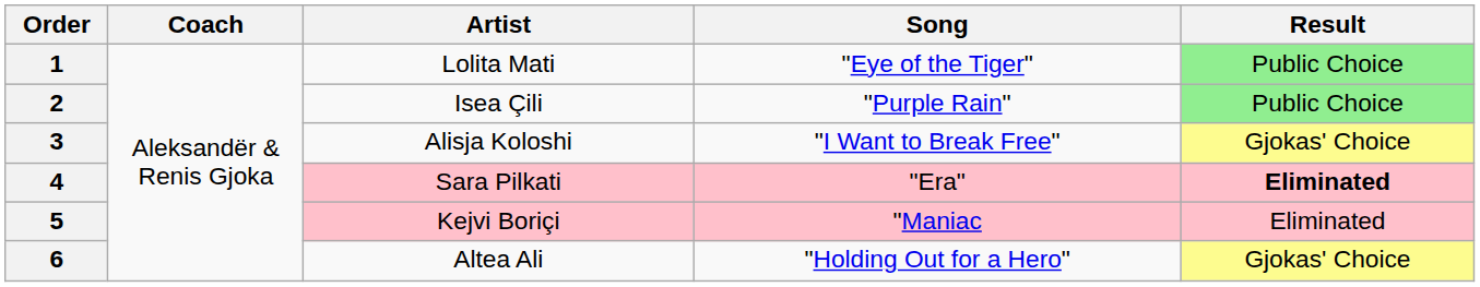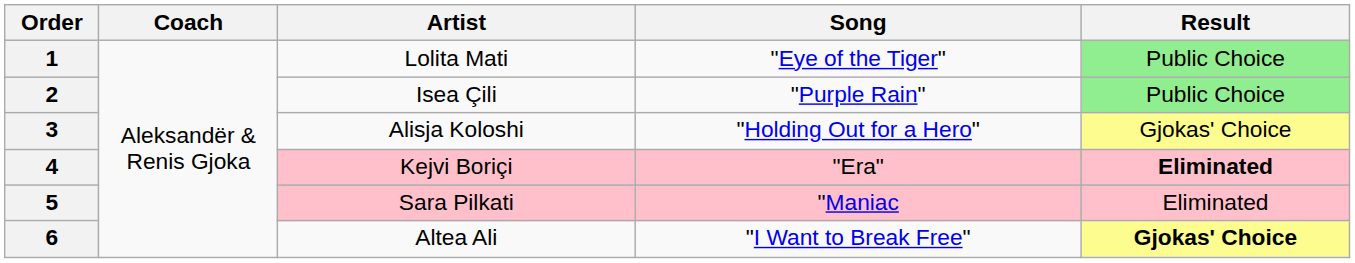 <table class="wikitable" style="text-align:center; width:75%;">
 <tr>
 <th width="05%">Order</th>
 <th width="10%">Coach</th>
 <th width="20%">Artist</th>
 <th width="25%">Song</th>
 <th width="15%">Result</th>
 </tr>
 <tr>
 <th>1</th>
 <td rowspan="6">Aleksandër & Renis Gjoka</td>
 <td>Lolita Mati</td>
 <td>"<a href='#'>Eye of the Tiger</a>"</td>
 <td style="background-color:lightgreen;">Public Choice</td>
 </tr>
 <tr>
 <th>2</th>
 <td>Isea Çili</td>
 <td>"<a href='#'>Purple Rain</a>"</td>
 <td style="background-color:lightgreen;">Public Choice</td>
 </tr>
 <tr>
 <th>3</th>
 <td>Alisja Koloshi</td>
-<td>"<a href='#'>I Want to Break Free</a>"</td>
+<td>"<a href='#'>Holding Out for a Hero</a>"</td>
 <td style="background-color:#fdfc8f;">Gjokas' Choice</td>
 </tr>
 <tr>
 <th>4</th>
-<td style="background-color:pink;">Sara Pilkati</td>
+<td style="background-color:pink;">Kejvi Boriçi</td>
 <td style="background-color:pink;">"Era"</td>
 <td style="background-color:pink;"><strong>Eliminated</strong></td>
 </tr>
 <tr>
 <th>5</th>
-<td style="background-color:pink;">Kejvi Boriçi</td>
+<td style="background-color:pink;">Sara Pilkati</td>
 <td style="background-color:pink;">"<a href='#'>Maniac</a></td>
 <td style="background-color:pink;">Eliminated</td>
 </tr>
 <tr>
 <th>6</th>
 <td>Altea Ali</td>
-<td>"<a href='#'>Holding Out for a Hero</a>"</td>
-<td style="background-color:#fdfc8f;">Gjokas' Choice</td>
+<td>"<a href='#'>I Want to Break Free</a>"</td>
+<td style="background-color:#fdfc8f;"><strong>Gjokas' Choice</strong></td>
 </tr>
 </table>
